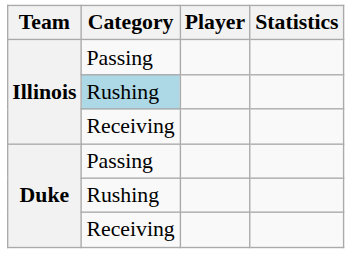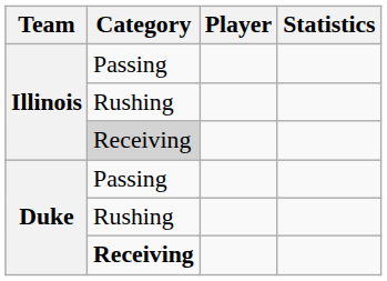 <table class="wikitable" style="float:right">
 <tr>
 <th>Team</th>
 <th>Category</th>
 <th>Player</th>
 <th>Statistics</th>
 </tr>
 <tr>
 <th rowspan=3>Illinois</th>
 <td>Passing</td>
 <td></td>
 <td></td>
 </tr>
 <tr>
-<td style="background: lightblue;">Rushing</td>
+<td>Rushing</td>
 <td></td>
 <td></td>
 </tr>
 <tr>
-<td>Receiving</td>
+<td style="background: lightgrey;">Receiving</td>
 <td></td>
 <td></td>
 </tr>
 <tr>
 <th rowspan=3>Duke</th>
 <td>Passing</td>
 <td></td>
 <td></td>
 </tr>
 <tr>
 <td>Rushing</td>
 <td></td>
 <td></td>
 </tr>
 <tr>
-<td>Receiving</td>
+<td><strong>Receiving</strong></td>
 <td></td>
 <td></td>
 </tr>
 </table>
